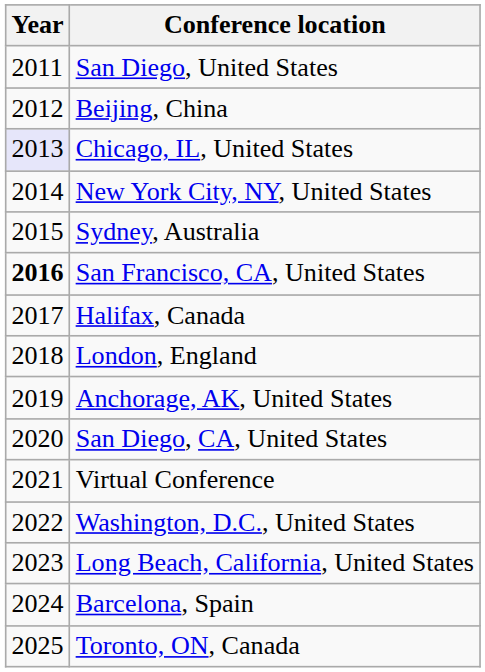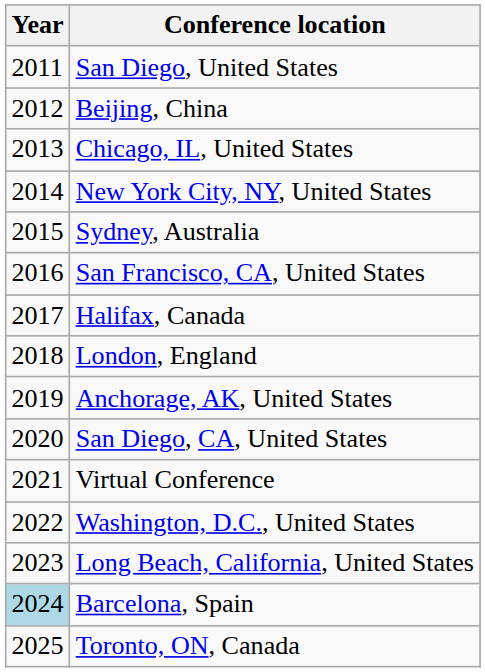 <table class="wikitable" align="right">
 <tr>
 <th>Year</th>
 <th>Conference location</th>
 </tr>
 <tr>
 <td>2011</td>
 <td><a href='#'>San Diego</a>, United States</td>
 </tr>
 <tr>
 <td>2012</td>
 <td><a href='#'>Beijing</a>, China</td>
 </tr>
 <tr>
-<td style="background: lavender;">2013</td>
+<td>2013</td>
 <td><a href='#'>Chicago, IL</a>, United States</td>
 </tr>
 <tr>
 <td>2014</td>
 <td><a href='#'>New York City, NY</a>, United States</td>
 </tr>
 <tr>
 <td>2015</td>
 <td><a href='#'>Sydney</a>, Australia</td>
 </tr>
 <tr>
-<td><strong>2016</strong></td>
+<td>2016</td>
 <td><a href='#'>San Francisco, CA</a>, United States</td>
 </tr>
 <tr>
 <td>2017</td>
 <td><a href='#'>Halifax</a>, Canada</td>
 </tr>
 <tr>
 <td>2018</td>
 <td><a href='#'>London</a>, England</td>
 </tr>
 <tr>
 <td>2019</td>
 <td><a href='#'>Anchorage, AK</a>, United States</td>
 </tr>
 <tr>
 <td>2020</td>
 <td><a href='#'>San Diego</a>, <a href='#'>CA</a>, United States</td>
 </tr>
 <tr>
 <td>2021</td>
 <td>Virtual Conference</td>
 </tr>
 <tr>
 <td>2022</td>
 <td><a href='#'>Washington, D.C.</a>, United States</td>
 </tr>
 <tr>
 <td>2023</td>
 <td><a href='#'>Long Beach, California</a>, United States</td>
 </tr>
 <tr>
-<td>2024</td>
+<td style="background: lightblue;">2024</td>
 <td><a href='#'>Barcelona</a>, Spain</td>
 </tr>
 <tr>
 <td>2025</td>
 <td><a href='#'>Toronto, ON</a>, Canada</td>
 </tr>
 </table>
